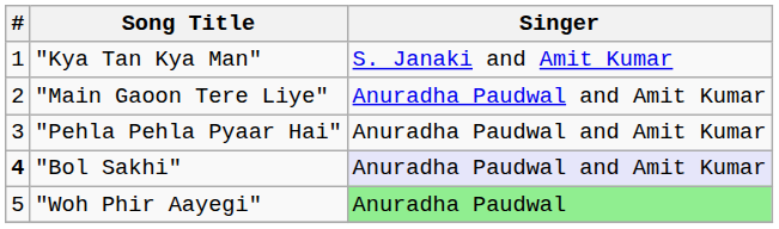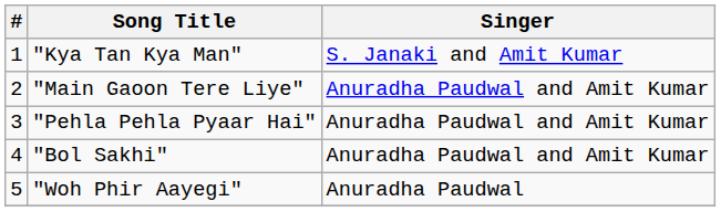 <table class="wikitable">
 <tr>
 <th>#</th>
 <th>Song Title</th>
 <th>Singer</th>
 </tr>
 <tr>
 <td>1</td>
 <td>"Kya Tan Kya Man"</td>
 <td><a href='#'>S. Janaki</a> and <a href='#'>Amit Kumar</a></td>
 </tr>
 <tr>
 <td>2</td>
 <td>"Main Gaoon Tere Liye"</td>
 <td><a href='#'>Anuradha Paudwal</a> and Amit Kumar</td>
 </tr>
 <tr>
 <td>3</td>
 <td>"Pehla Pehla Pyaar Hai"</td>
 <td>Anuradha Paudwal and Amit Kumar</td>
 </tr>
 <tr>
-<td><strong>4</strong></td>
+<td>4</td>
 <td>"Bol Sakhi"</td>
-<td style="background: lavender;">Anuradha Paudwal and Amit Kumar</td>
+<td>Anuradha Paudwal and Amit Kumar</td>
 </tr>
 <tr>
 <td>5</td>
 <td>"Woh Phir Aayegi"</td>
-<td style="background: lightgreen;">Anuradha Paudwal</td>
+<td>Anuradha Paudwal</td>
 </tr>
 <tr>
 </tr>
 </table>
